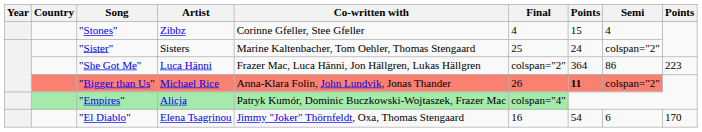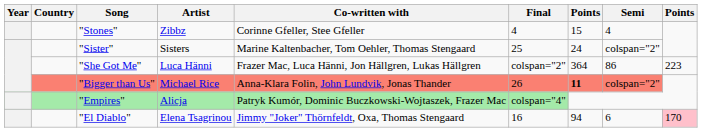 <table class="wikitable plainrowheaders">
 <tr>
 <th>Year</th>
 <th>Country</th>
 <th>Song</th>
 <th>Artist</th>
 <th>Co-written with</th>
 <th>Final</th>
 <th>Points</th>
 <th>Semi</th>
 <th>Points</th>
 </tr>
 <tr>
 <th scope="row"></th>
 <td></td>
 <td>"<a href='#'>Stones</a>"</td>
 <td><a href='#'>Zibbz</a></td>
 <td>Corinne Gfeller, Stee Gfeller</td>
 <td>4</td>
 <td>15</td>
 <td>4</td>
 </tr>
 <tr>
 <th scope="row" rowspan="3"></th>
 <td></td>
 <td>"<a href='#'>Sister</a>"</td>
 <td>Sisters</td>
 <td>Marine Kaltenbacher, Tom Oehler, Thomas Stengaard</td>
 <td>25</td>
 <td>24</td>
 <td>colspan="2" </td>
 </tr>
 <tr>
 <td></td>
 <td>"<a href='#'>She Got Me</a>"</td>
 <td><a href='#'>Luca Hänni</a></td>
 <td>Frazer Mac, Luca Hänni, Jon Hällgren, Lukas Hällgren</td>
 <td>colspan="2" </td>
 <td>364</td>
 <td>86</td>
 <td>223</td>
 </tr>
 <tr bgcolor="Salmon">
 <td></td>
 <td>"<a href='#'>Bigger than Us</a>"</td>
 <td><a href='#'>Michael Rice</a></td>
 <td>Anna-Klara Folin, <a href='#'>John Lundvik</a>, Jonas Thander</td>
 <td>26</td>
 <td><strong>11</strong></td>
 <td>colspan="2" </td>
 </tr>
 <tr bgcolor="#A4EAA9">
 <th scope="row"></th>
 <td></td>
 <td>"<a href='#'>Empires</a>"</td>
 <td><a href='#'>Alicja</a></td>
 <td>Patryk Kumór, Dominic Buczkowski-Wojtaszek, Frazer Mac</td>
 <td>colspan="4" </td>
 </tr>
 <tr>
 <th scope="row"></th>
 <td></td>
 <td>"<a href='#'>El Diablo</a>"</td>
 <td><a href='#'>Elena Tsagrinou</a></td>
 <td><a href='#'>Jimmy "Joker" Thörnfeldt</a>, Oxa, Thomas Stengaard</td>
 <td>16</td>
-<td>54</td>
+<td>94</td>
 <td>6</td>
-<td>170</td>
+<td style="background: pink;">170</td>
 </tr>
 </table>
